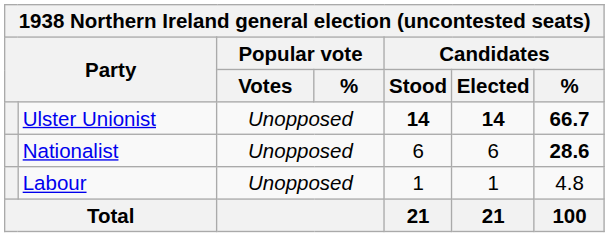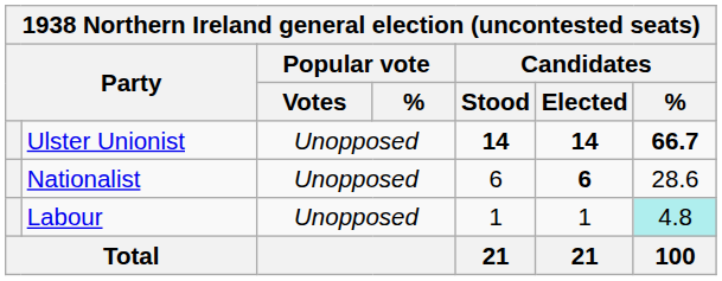 <table class="wikitable" style="font-size:95%">
 <tr>
 <th colspan="16" style="background-color:#f2f2f2">1938 Northern Ireland general election (uncontested seats)</th>
 </tr>
 <tr style="vertical-align:center;">
 <th style="width:150px;" "vertical-align:center;" rowspan="2" colspan="2">Party</th>
 <th colspan="2" style="width: 30px">Popular vote</th>
 <th colspan="3" style="width: 30px">Candidates</th>
 </tr>
 <tr>
 <th style="width:65px;">Votes</th>
 <th style="width:45px;">%</th>
 <th>Stood</th>
 <th>Elected</th>
 <th style="width:45px;">%</th>
 </tr>
 <tr>
 <th></th>
 <td><a href='#'>Ulster Unionist</a></td>
 <td align="center" colspan="2"><em>Unopposed</em></td>
 <td align="center"><strong>14</strong></td>
 <td align="center"><strong>14</strong></td>
 <td align="center"><strong>66.7</strong></td>
 </tr>
 <tr>
 <th></th>
 <td><a href='#'>Nationalist</a></td>
 <td align="center" colspan="2"><em>Unopposed</em></td>
 <td align="center">6</td>
-<td align="center">6</td>
-<td align="center"><strong>28.6</strong></td>
+<td align="center"><strong>6</strong></td>
+<td align="center">28.6</td>
 </tr>
 <tr>
 <th></th>
 <td><a href='#'>Labour</a></td>
 <td align="center" colspan="2"><em>Unopposed</em></td>
 <td align="center">1</td>
 <td align="center">1</td>
-<td align="center">4.8</td>
+<td align="center" style="background: paleturquoise;">4.8</td>
 </tr>
 <tr>
 <th style="width:150px;" "vertical-align:center;" colspan="2">Total</th>
 <th align="center" colspan="2"></th>
 <th align="center">21</th>
 <th align="center">21</th>
 <th align="center">100</th>
 </tr>
 </table>
